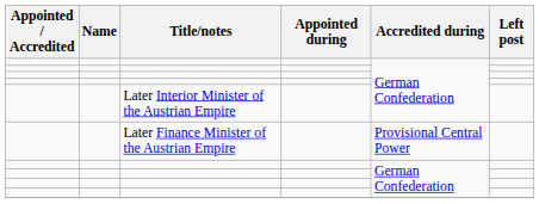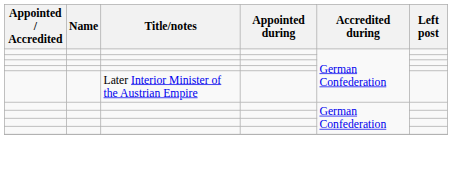 <table class="wikitable sortable">
 <tr class="hintergrundfarbe6">
 <th>Appointed /<br> Accredited</th>
 <th>Name</th>
 <th class="unsortable">Title/notes</th>
 <th>Appointed during</th>
 <th>Accredited during</th>
 <th>Left post</th>
 </tr>
 <tr>
 <td></td>
 <td></td>
 <td></td>
 <td></td>
 <td rowspan="5"><a href='#'>German Confederation</a></td>
 <td></td>
 </tr>
 <tr>
 <td></td>
 <td></td>
 <td></td>
 <td></td>
 <td></td>
 </tr>
 <tr>
 <td></td>
 <td></td>
 <td></td>
 <td></td>
 <td></td>
 </tr>
 <tr>
 <td></td>
 <td></td>
 <td></td>
 <td></td>
 <td></td>
 </tr>
 <tr>
 <td></td>
 <td></td>
 <td>Later <a href='#'>Interior Minister of the Austrian Empire</a></td>
 <td></td>
 <td></td>
 </tr>
 <tr>
 <td></td>
 <td></td>
-<td>Later <a href='#'>Finance Minister of the Austrian Empire</a></td>
-<td></td>
-<td><a href='#'>Provisional Central Power</a></td>
-<td></td>
-</tr>
-<tr>
-<td></td>
-<td></td>
 <td></td>
 <td></td>
 <td rowspan="4"><a href='#'>German Confederation</a></td>
 <td></td>
 </tr>
 <tr>
 <td></td>
 <td></td>
 <td></td>
 <td></td>
 <td></td>
 </tr>
 <tr>
 <td></td>
 <td></td>
 <td></td>
 <td></td>
 <td></td>
 </tr>
 <tr>
 <td></td>
 <td></td>
 <td></td>
 <td></td>
 <td></td>
 </tr>
 <tr>
 </tr>
 </table>
